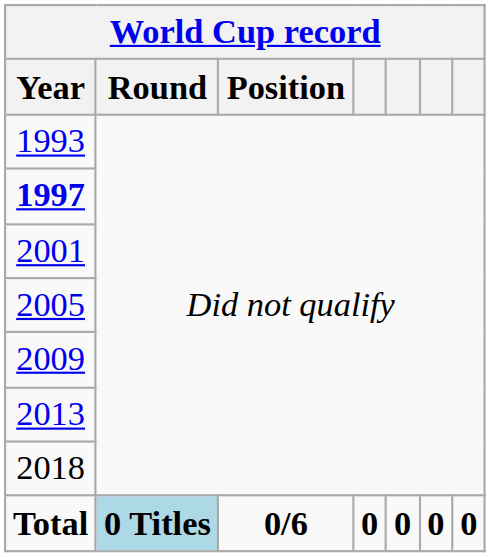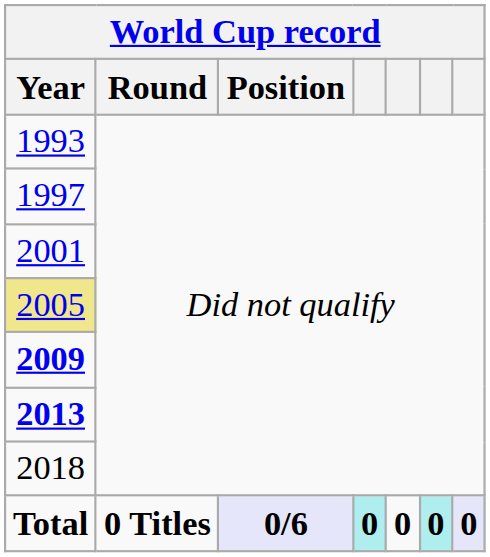 <table class="wikitable" style="text-align: center;">
 <tr>
 <th colspan=10><a href='#'>World Cup record</a></th>
 </tr>
 <tr>
 <th>Year</th>
 <th>Round</th>
 <th>Position</th>
 <th></th>
 <th></th>
 <th></th>
 <th></th>
 </tr>
 <tr>
 <td> <a href='#'>1993</a></td>
 <td colspan="6" rowspan=7><em>Did not qualify</em></td>
 </tr>
 <tr>
-<td><strong> <a href='#'>1997</a></strong></td>
+<td> <a href='#'>1997</a></td>
 </tr>
 <tr>
 <td> <a href='#'>2001</a></td>
 </tr>
 <tr>
-<td> <a href='#'>2005</a></td>
+<td style="background: khaki;"> <a href='#'>2005</a></td>
 </tr>
 <tr>
-<td> <a href='#'>2009</a></td>
+<td><strong> <a href='#'>2009</a></strong></td>
 </tr>
 <tr>
-<td> <a href='#'>2013</a></td>
+<td><strong> <a href='#'>2013</a></strong></td>
 </tr>
 <tr>
 <td> 2018</td>
 </tr>
 <tr>
 <td colspan=1><strong>Total</strong></td>
-<td style="background: lightblue;"><strong>0 Titles</strong></td>
-<td><strong>0/6</strong></td>
+<td><strong>0 Titles</strong></td>
+<td style="background: lavender;"><strong>0/6</strong></td>
+<td style="background: paleturquoise;"><strong>0</strong></td>
 <td><strong>0</strong></td>
-<td><strong>0</strong></td>
-<td><strong>0</strong></td>
-<td><strong>0</strong></td>
+<td style="background: paleturquoise;"><strong>0</strong></td>
+<td style="background: lavender;"><strong>0</strong></td>
 </tr>
 </table>
